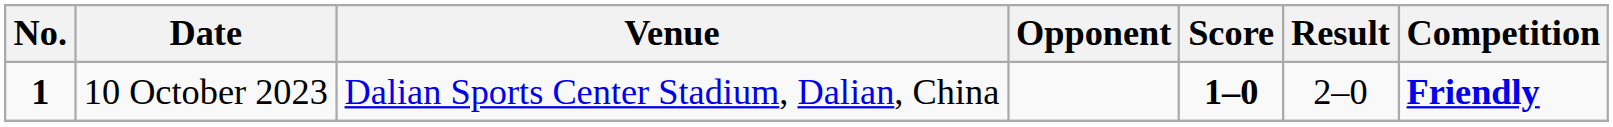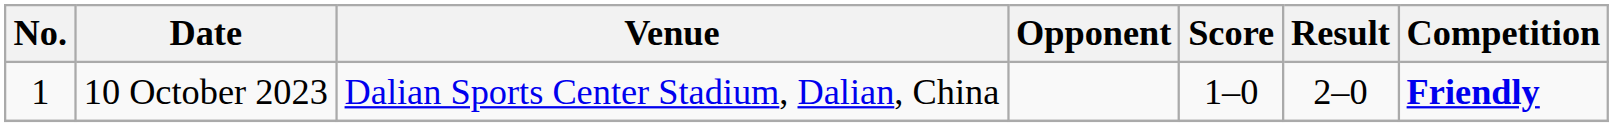 <table class="wikitable sortable">
 <tr>
 <th scope="col">No.</th>
 <th scope="col" data-sort-type="date">Date</th>
 <th scope="col">Venue</th>
 <th scope="col">Opponent</th>
 <th scope="col">Score</th>
 <th scope="col">Result</th>
 <th scope="col">Competition</th>
 </tr>
 <tr>
-<td align=center><strong>1</strong></td>
+<td align=center>1</td>
 <td>10 October 2023</td>
 <td><a href='#'>Dalian Sports Center Stadium</a>, <a href='#'>Dalian</a>, China</td>
 <td></td>
-<td align=center><strong>1–0</strong></td>
+<td align=center>1–0</td>
 <td align=center>2–0</td>
 <td><strong><a href='#'>Friendly</a></strong></td>
 </tr>
 <tr>
 </tr>
 </table>
